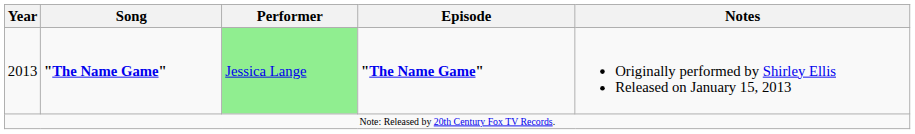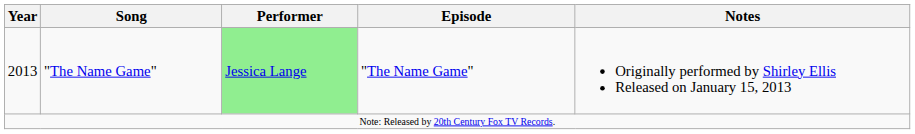 <table class="wikitable" style="text-align:left;">
 <tr>
 <th width=4%>Year</th>
 <th width=20%>Song</th>
 <th width=15%>Performer</th>
 <th width=24%>Episode</th>
 <th width=37%%>Notes</th>
 </tr>
 <tr>
 <td>2013</td>
-<td><strong>"<a href='#'>The Name Game</a>"</strong></td>
+<td>"<a href='#'>The Name Game</a>"</td>
 <td style="background: lightgreen;"><a href='#'>Jessica Lange</a></td>
-<td><strong>"<a href='#'>The Name Game</a>"</strong></td>
+<td>"<a href='#'>The Name Game</a>"</td>
 <td><br><ul><li>Originally performed by <a href='#'>Shirley Ellis</a></li><li>Released on January 15, 2013</li></ul></td>
 </tr>
 <tr>
 <td colspan=5 width=100% style="font-size:8pt" align="center">Note: Released by <a href='#'>20th Century Fox TV Records</a>.</td>
 </tr>
 </table>
